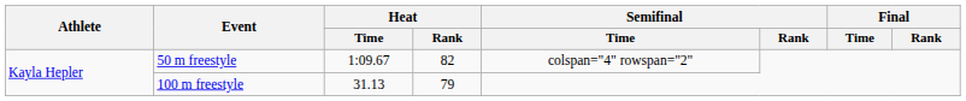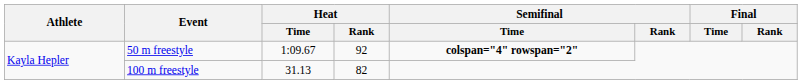 <table class="wikitable" style="text-align:center; font-size:90%; width:50%;">
 <tr>
 <th rowspan="2">Athlete</th>
 <th rowspan="2">Event</th>
 <th colspan="2">Heat</th>
 <th colspan="2">Semifinal</th>
 <th colspan="2">Final</th>
 </tr>
 <tr style="font-size:95%">
 <th>Time</th>
 <th>Rank</th>
 <th>Time</th>
 <th>Rank</th>
 <th>Time</th>
 <th>Rank</th>
 </tr>
 <tr>
 <td align=left rowspan=2><a href='#'>Kayla Hepler</a></td>
 <td align=left><a href='#'>50 m freestyle</a></td>
 <td>1:09.67</td>
-<td>82</td>
-<td>colspan="4" rowspan="2"</td>
+<td>92</td>
+<td><strong>colspan="4" rowspan="2"</strong></td>
 </tr>
 <tr>
 <td align=left><a href='#'>100 m freestyle</a></td>
 <td>31.13</td>
-<td>79</td>
+<td>82</td>
 </tr>
 </table>
